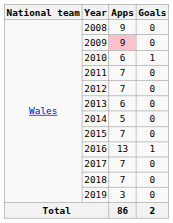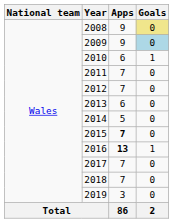 <table class="wikitable" style="text-align:center">
 <tr>
 <th>National team</th>
 <th>Year</th>
 <th>Apps</th>
 <th>Goals</th>
 </tr>
 <tr>
 <td rowspan="12"><a href='#'>Wales</a></td>
 <td>2008</td>
 <td>9</td>
-<td>0</td>
+<td style="background: khaki;">0</td>
 </tr>
 <tr>
 <td>2009</td>
-<td style="background: pink;">9</td>
-<td>0</td>
+<td>9</td>
+<td style="background: lightblue;">0</td>
 </tr>
 <tr>
 <td>2010</td>
 <td>6</td>
 <td>1</td>
 </tr>
 <tr>
 <td>2011</td>
 <td>7</td>
 <td>0</td>
 </tr>
 <tr>
 <td>2012</td>
 <td>7</td>
 <td>0</td>
 </tr>
 <tr>
 <td>2013</td>
 <td>6</td>
 <td>0</td>
 </tr>
 <tr>
 <td>2014</td>
 <td>5</td>
 <td>0</td>
 </tr>
 <tr>
 <td>2015</td>
-<td>7</td>
+<td><strong>7</strong></td>
 <td>0</td>
 </tr>
 <tr>
 <td>2016</td>
-<td>13</td>
+<td><strong>13</strong></td>
 <td>1</td>
 </tr>
 <tr>
 <td>2017</td>
 <td>7</td>
 <td>0</td>
 </tr>
 <tr>
 <td>2018</td>
 <td>7</td>
 <td>0</td>
 </tr>
 <tr>
 <td>2019</td>
 <td>3</td>
 <td>0</td>
 </tr>
 <tr>
 <th colspan="2">Total</th>
 <th>86</th>
 <th>2</th>
 </tr>
 </table>
